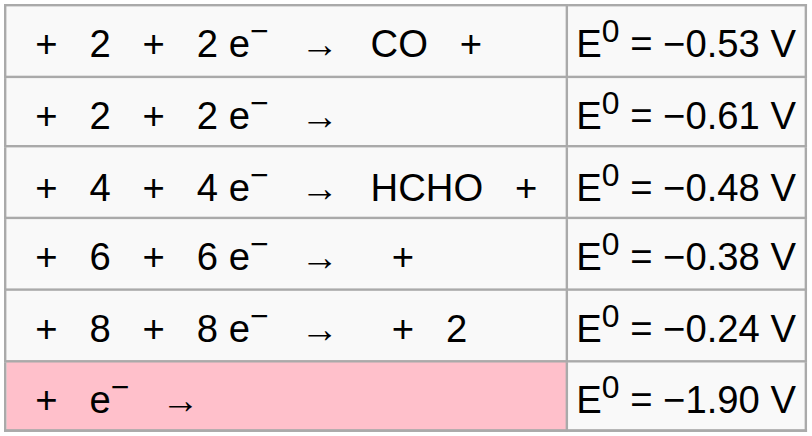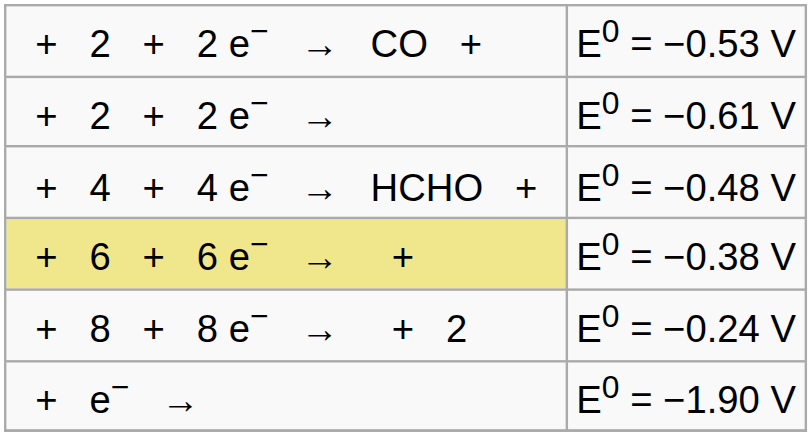 <table class="wikitable">
 <tr>
 <td>   +   2    +   2 e<sup>−</sup>   →   CO   +   </td>
 <td>E<sup>0</sup> = −0.53 V</td>
 </tr>
 <tr>
 <td>   +   2    +   2 e<sup>−</sup>   →   </td>
 <td>E<sup>0</sup> = −0.61 V</td>
 </tr>
 <tr>
 <td>   +   4    +   4 e<sup>−</sup>   →   HCHO   +   </td>
 <td>E<sup>0</sup> = −0.48 V</td>
 </tr>
 <tr>
-<td>   +   6    +   6 e<sup>−</sup>   →      +   </td>
+<td style="background: khaki;">   +   6    +   6 e<sup>−</sup>   →      +   </td>
 <td>E<sup>0</sup> = −0.38 V</td>
 </tr>
 <tr>
 <td>   +   8    +   8 e<sup>−</sup>   →       +   2 </td>
 <td>E<sup>0</sup> = −0.24 V</td>
 </tr>
 <tr>
-<td style="background: pink;">   +   e<sup>−</sup>   →   </td>
+<td>   +   e<sup>−</sup>   →   </td>
 <td>E<sup>0</sup> = −1.90 V</td>
 </tr>
 <tr>
 </tr>
 </table>
